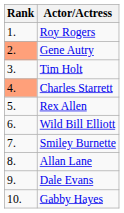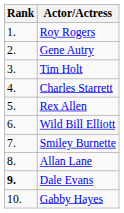 <table class="wikitable">
 <tr>
 <th>Rank</th>
 <th>Actor/Actress</th>
 </tr>
 <tr>
 <td>1.</td>
 <td><a href='#'>Roy Rogers</a></td>
 </tr>
 <tr>
-<td style="background: lightsalmon;">2.</td>
+<td>2.</td>
 <td><a href='#'>Gene Autry</a></td>
 </tr>
 <tr>
 <td>3.</td>
 <td><a href='#'>Tim Holt</a></td>
 </tr>
 <tr>
-<td style="background: lightsalmon;">4.</td>
+<td>4.</td>
 <td><a href='#'>Charles Starrett</a></td>
 </tr>
 <tr>
 <td>5.</td>
 <td><a href='#'>Rex Allen</a></td>
 </tr>
 <tr>
 <td>6.</td>
 <td><a href='#'>Wild Bill Elliott</a></td>
 </tr>
 <tr>
 <td>7.</td>
 <td><a href='#'>Smiley Burnette</a></td>
 </tr>
 <tr>
 <td>8.</td>
 <td><a href='#'>Allan Lane</a></td>
 </tr>
 <tr>
-<td>9.</td>
+<td><strong>9.</strong></td>
 <td><a href='#'>Dale Evans</a></td>
 </tr>
 <tr>
 <td>10.</td>
 <td><a href='#'>Gabby Hayes</a></td>
 </tr>
 </table>
